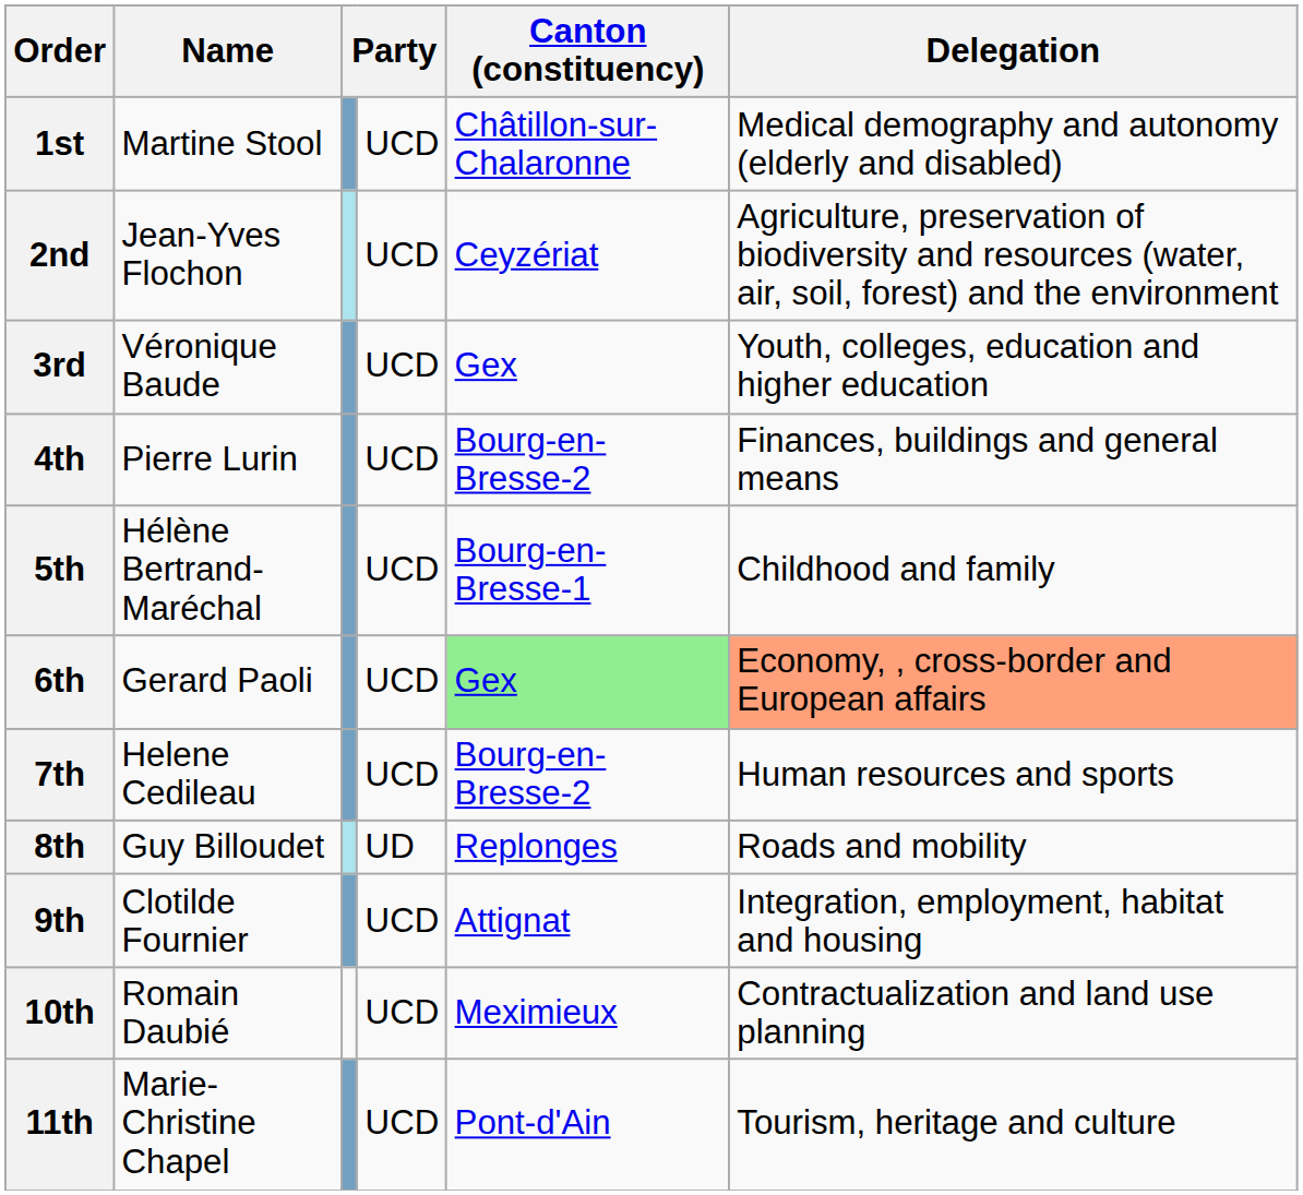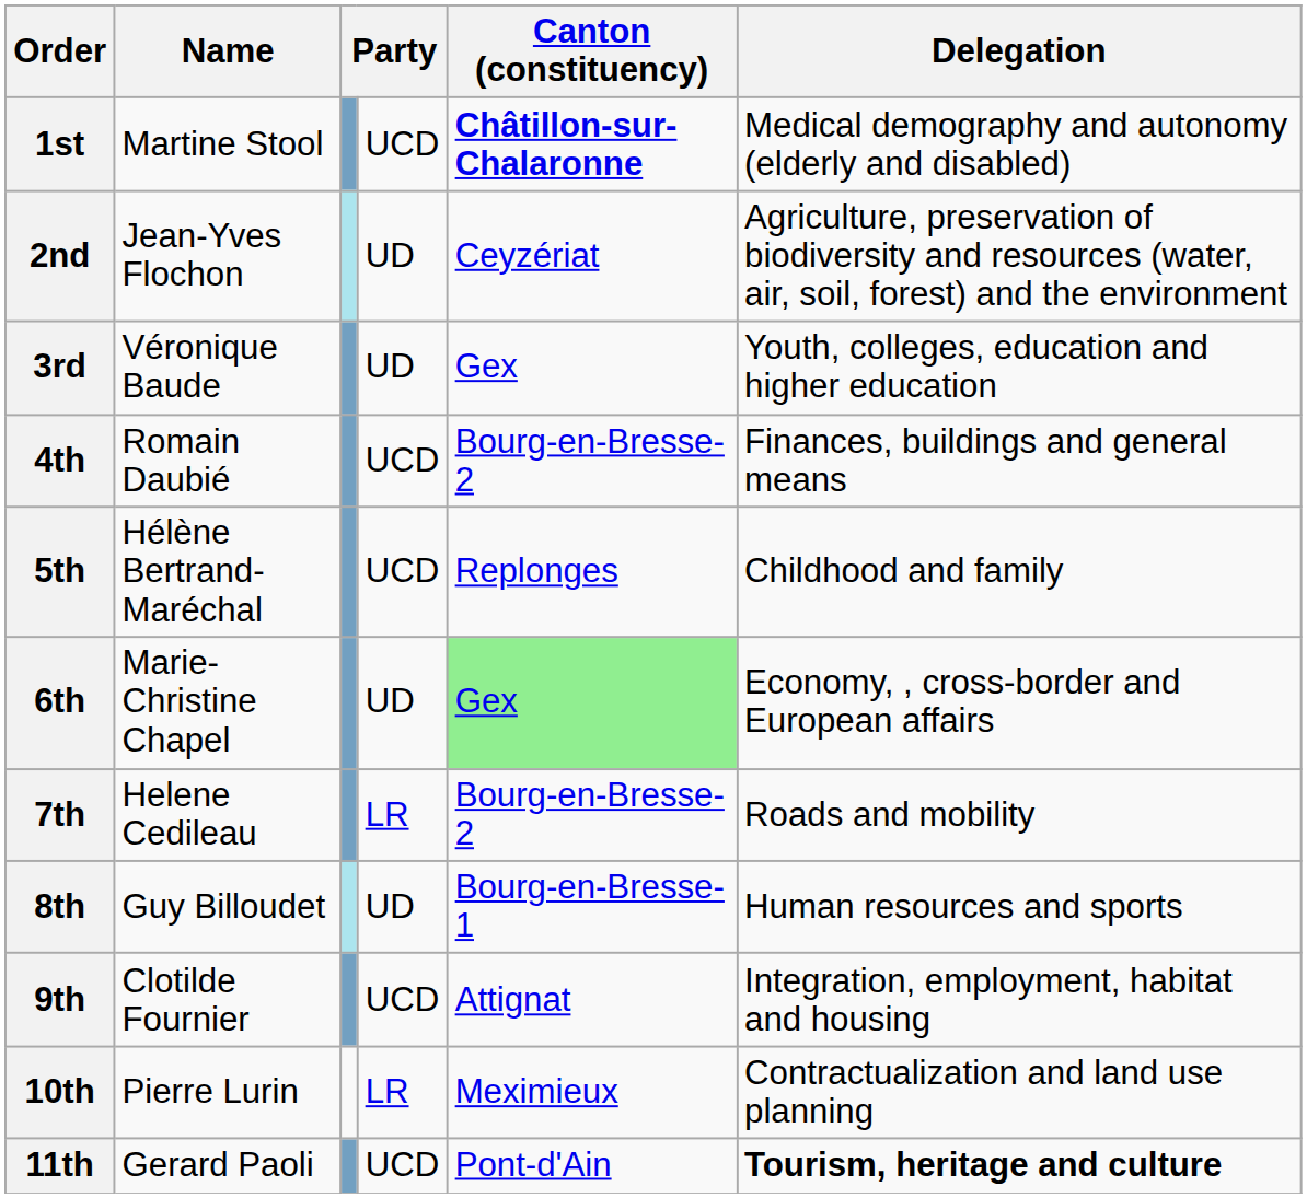 <table class="wikitable sortable">
 <tr>
 <th>Order</th>
 <th>Name</th>
 <th colspan="2">Party</th>
 <th><a href='#'>Canton</a> (constituency)</th>
 <th>Delegation</th>
 </tr>
 <tr>
 <th>1st</th>
 <td>Martine Stool</td>
 <td style="color:inherit;background:#72A0C1"></td>
 <td>UCD</td>
-<td><a href='#'>Châtillon-sur-Chalaronne</a></td>
+<td><strong><a href='#'>Châtillon-sur-Chalaronne</a></strong></td>
 <td>Medical demography and autonomy (elderly and disabled)</td>
 </tr>
 <tr>
 <th>2nd</th>
 <td>Jean-Yves Flochon</td>
 <td style="color:inherit;background:#ACE5EE"></td>
-<td>UCD</td>
+<td>UD</td>
 <td><a href='#'>Ceyzériat</a></td>
 <td>Agriculture, preservation of biodiversity and resources (water, air, soil, forest) and the environment</td>
 </tr>
 <tr>
 <th>3rd</th>
 <td>Véronique Baude</td>
 <td style="color:inherit;background:#72A0C1"></td>
-<td>UCD</td>
+<td>UD</td>
 <td><a href='#'>Gex</a></td>
 <td>Youth, colleges, education and higher education</td>
 </tr>
 <tr>
 <th>4th</th>
-<td>Pierre Lurin</td>
+<td>Romain Daubié</td>
 <td style="color:inherit;background:#72A0C1"></td>
 <td>UCD</td>
 <td><a href='#'>Bourg-en-Bresse-2</a></td>
 <td>Finances, buildings and general means</td>
 </tr>
 <tr>
 <th>5th</th>
 <td>Hélène Bertrand-Maréchal</td>
 <td style="color:inherit;background:#72A0C1"></td>
 <td>UCD</td>
-<td><a href='#'>Bourg-en-Bresse-1</a></td>
+<td><a href='#'>Replonges</a></td>
 <td>Childhood and family</td>
 </tr>
 <tr>
 <th>6th</th>
-<td>Gerard Paoli</td>
+<td>Marie-Christine Chapel</td>
 <td style="color:inherit;background:#72A0C1"></td>
-<td>UCD</td>
+<td>UD</td>
 <td style="background: lightgreen;"><a href='#'>Gex</a></td>
-<td style="background: lightsalmon;">Economy, , cross-border and European affairs</td>
+<td>Economy, , cross-border and European affairs</td>
 </tr>
 <tr>
 <th>7th</th>
 <td>Helene Cedileau</td>
 <td style="color:inherit;background:#72A0C1"></td>
-<td>UCD</td>
+<td><a href='#'>LR</a></td>
 <td><a href='#'>Bourg-en-Bresse-2</a></td>
-<td>Human resources and sports</td>
+<td>Roads and mobility</td>
 </tr>
 <tr>
 <th>8th</th>
 <td>Guy Billoudet</td>
 <td style="color:inherit;background:#ACE5EE"></td>
 <td>UD</td>
-<td><a href='#'>Replonges</a></td>
-<td>Roads and mobility</td>
+<td><a href='#'>Bourg-en-Bresse-1</a></td>
+<td>Human resources and sports</td>
 </tr>
 <tr>
 <th>9th</th>
 <td>Clotilde Fournier</td>
 <td style="color:inherit;background:#72A0C1"></td>
 <td>UCD</td>
 <td><a href='#'>Attignat</a></td>
 <td>Integration, employment, habitat and housing</td>
 </tr>
 <tr>
 <th>10th</th>
-<td>Romain Daubié</td>
+<td>Pierre Lurin</td>
 <td style="color:inherit;background:"></td>
-<td>UCD</td>
+<td><a href='#'>LR</a></td>
 <td><a href='#'>Meximieux</a></td>
 <td>Contractualization and land use planning</td>
 </tr>
 <tr>
 <th>11th</th>
-<td>Marie-Christine Chapel</td>
+<td>Gerard Paoli</td>
 <td style="color:inherit;background:#72A0C1"></td>
 <td>UCD</td>
 <td><a href='#'>Pont-d'Ain</a></td>
-<td>Tourism, heritage and culture</td>
+<td><strong>Tourism, heritage and culture</strong></td>
 </tr>
 </table>
